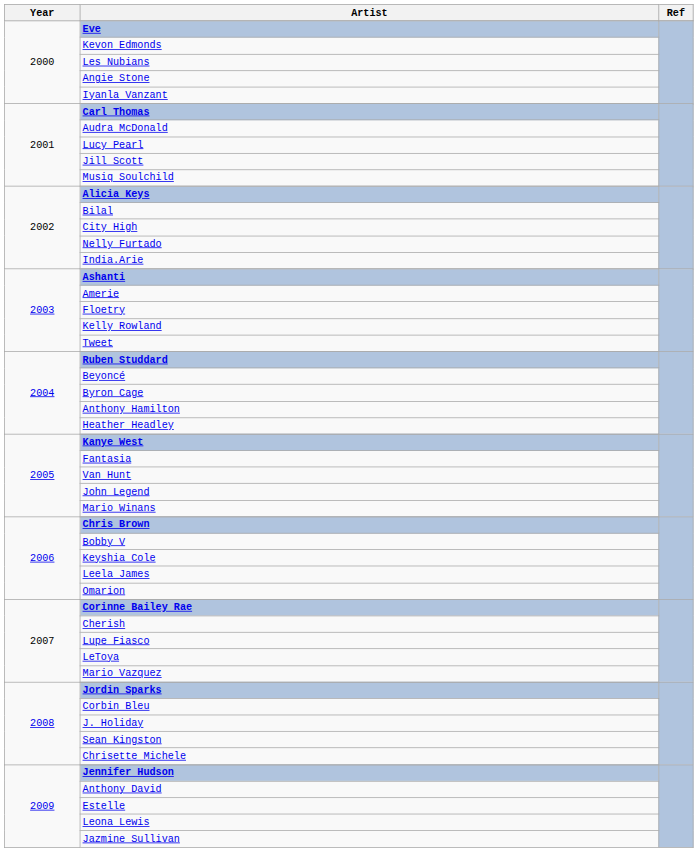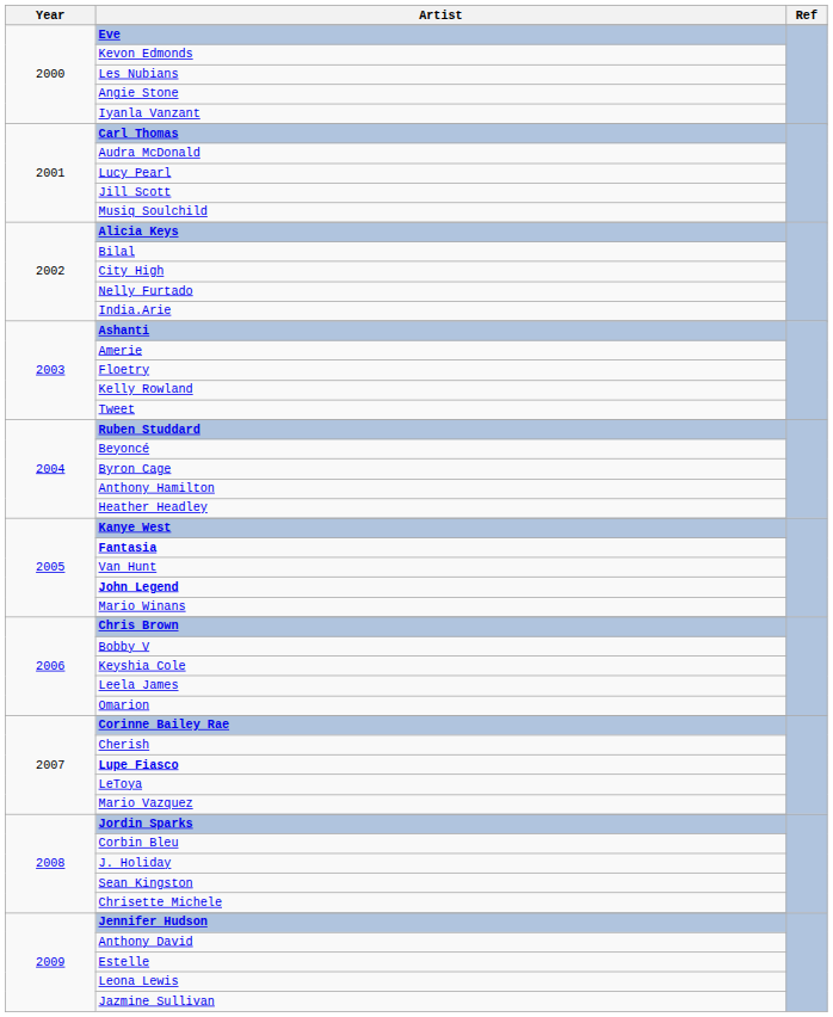 <table class="wikitable" style="width:100%;">
 <tr style="background:#bebebe;">
 <th style="width:11%;">Year</th>
 <th style="width:84%;">Artist</th>
 <th style="width:5%;">Ref</th>
 </tr>
 <tr>
 <td rowspan="6" align="center">2000</td>
 </tr>
 <tr style="background:#B0C4DE">
 <td><strong><a href='#'>Eve</a></strong></td>
 <td rowspan="6" align="center"></td>
 </tr>
 <tr>
 <td><a href='#'>Kevon Edmonds</a></td>
 </tr>
 <tr>
 <td><a href='#'>Les Nubians</a></td>
 </tr>
 <tr>
 <td><a href='#'>Angie Stone</a></td>
 </tr>
 <tr>
 <td><a href='#'>Iyanla Vanzant</a></td>
 </tr>
 <tr>
 <td rowspan="6" align="center">2001</td>
 </tr>
 <tr style="background:#B0C4DE">
 <td><strong><a href='#'>Carl Thomas</a></strong></td>
 <td rowspan="6" align="center"></td>
 </tr>
 <tr>
 <td><a href='#'>Audra McDonald</a></td>
 </tr>
 <tr>
 <td><a href='#'>Lucy Pearl</a></td>
 </tr>
 <tr>
 <td><a href='#'>Jill Scott</a></td>
 </tr>
 <tr>
 <td><a href='#'>Musiq Soulchild</a></td>
 </tr>
 <tr>
 <td rowspan="6" align="center">2002</td>
 </tr>
 <tr style="background:#B0C4DE">
 <td><strong><a href='#'>Alicia Keys</a></strong></td>
 <td rowspan="6" align="center"></td>
 </tr>
 <tr>
 <td><a href='#'>Bilal</a></td>
 </tr>
 <tr>
 <td><a href='#'>City High</a></td>
 </tr>
 <tr>
 <td><a href='#'>Nelly Furtado</a></td>
 </tr>
 <tr>
 <td><a href='#'>India.Arie</a></td>
 </tr>
 <tr>
 <td rowspan="6" align="center"><a href='#'>2003</a></td>
 </tr>
 <tr style="background:#B0C4DE">
 <td><strong><a href='#'>Ashanti</a></strong></td>
 <td rowspan="6" align="center"></td>
 </tr>
 <tr>
 <td><a href='#'>Amerie</a></td>
 </tr>
 <tr>
 <td><a href='#'>Floetry</a></td>
 </tr>
 <tr>
 <td><a href='#'>Kelly Rowland</a></td>
 </tr>
 <tr>
 <td><a href='#'>Tweet</a></td>
 </tr>
 <tr>
 <td rowspan="6" align="center"><a href='#'>2004</a></td>
 </tr>
 <tr style="background:#B0C4DE">
 <td><strong><a href='#'>Ruben Studdard</a></strong></td>
 <td rowspan="6" align="center"></td>
 </tr>
 <tr>
 <td><a href='#'>Beyoncé</a></td>
 </tr>
 <tr>
 <td><a href='#'>Byron Cage</a></td>
 </tr>
 <tr>
 <td><a href='#'>Anthony Hamilton</a></td>
 </tr>
 <tr>
 <td><a href='#'>Heather Headley</a></td>
 </tr>
 <tr>
 <td rowspan="6" align="center"><a href='#'>2005</a></td>
 </tr>
 <tr style="background:#B0C4DE">
 <td><strong><a href='#'>Kanye West</a></strong></td>
 <td rowspan="6" align="center"></td>
 </tr>
 <tr>
-<td><a href='#'>Fantasia</a></td>
+<td><strong><a href='#'>Fantasia</a></strong></td>
 </tr>
 <tr>
 <td><a href='#'>Van Hunt</a></td>
 </tr>
 <tr>
-<td><a href='#'>John Legend</a></td>
+<td><strong><a href='#'>John Legend</a></strong></td>
 </tr>
 <tr>
 <td><a href='#'>Mario Winans</a></td>
 </tr>
 <tr>
 <td rowspan="6" align="center"><a href='#'>2006</a></td>
 </tr>
 <tr style="background:#B0C4DE">
 <td><strong><a href='#'>Chris Brown</a></strong></td>
 <td rowspan="6" align="center"></td>
 </tr>
 <tr>
 <td><a href='#'>Bobby V</a></td>
 </tr>
 <tr>
 <td><a href='#'>Keyshia Cole</a></td>
 </tr>
 <tr>
 <td><a href='#'>Leela James</a></td>
 </tr>
 <tr>
 <td><a href='#'>Omarion</a></td>
 </tr>
 <tr>
 <td rowspan="6" align="center">2007</td>
 </tr>
 <tr style="background:#B0C4DE">
 <td><strong><a href='#'>Corinne Bailey Rae</a></strong></td>
 <td rowspan="6" align="center"></td>
 </tr>
 <tr>
 <td><a href='#'>Cherish</a></td>
 </tr>
 <tr>
-<td><a href='#'>Lupe Fiasco</a></td>
+<td><strong><a href='#'>Lupe Fiasco</a></strong></td>
 </tr>
 <tr>
 <td><a href='#'>LeToya</a></td>
 </tr>
 <tr>
 <td><a href='#'>Mario Vazquez</a></td>
 </tr>
 <tr>
 <td rowspan="6" align="center"><a href='#'>2008</a></td>
 </tr>
 <tr style="background:#B0C4DE">
 <td><strong><a href='#'>Jordin Sparks</a></strong></td>
 <td rowspan="6" align="center"></td>
 </tr>
 <tr>
 <td><a href='#'>Corbin Bleu</a></td>
 </tr>
 <tr>
 <td><a href='#'>J. Holiday</a></td>
 </tr>
 <tr>
 <td><a href='#'>Sean Kingston</a></td>
 </tr>
 <tr>
 <td><a href='#'>Chrisette Michele</a></td>
 </tr>
 <tr>
 <td rowspan="6" align="center"><a href='#'>2009</a></td>
 </tr>
 <tr style="background:#B0C4DE">
 <td><strong><a href='#'>Jennifer Hudson</a></strong></td>
 <td rowspan="6" align="center"></td>
 </tr>
 <tr>
 <td><a href='#'>Anthony David</a></td>
 </tr>
 <tr>
 <td><a href='#'>Estelle</a></td>
 </tr>
 <tr>
 <td><a href='#'>Leona Lewis</a></td>
 </tr>
 <tr>
 <td><a href='#'>Jazmine Sullivan</a></td>
 </tr>
 </table>
